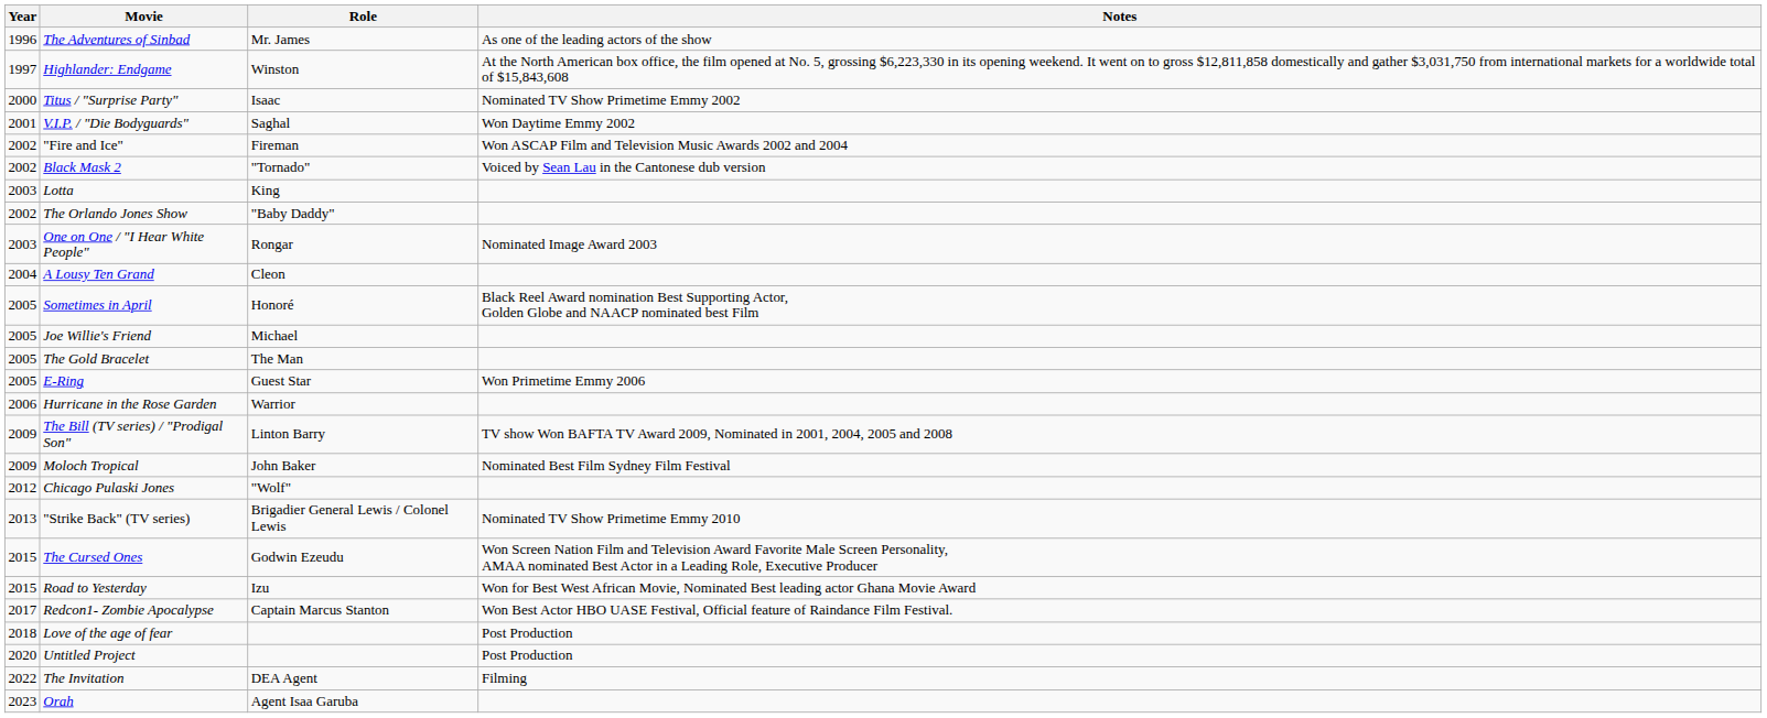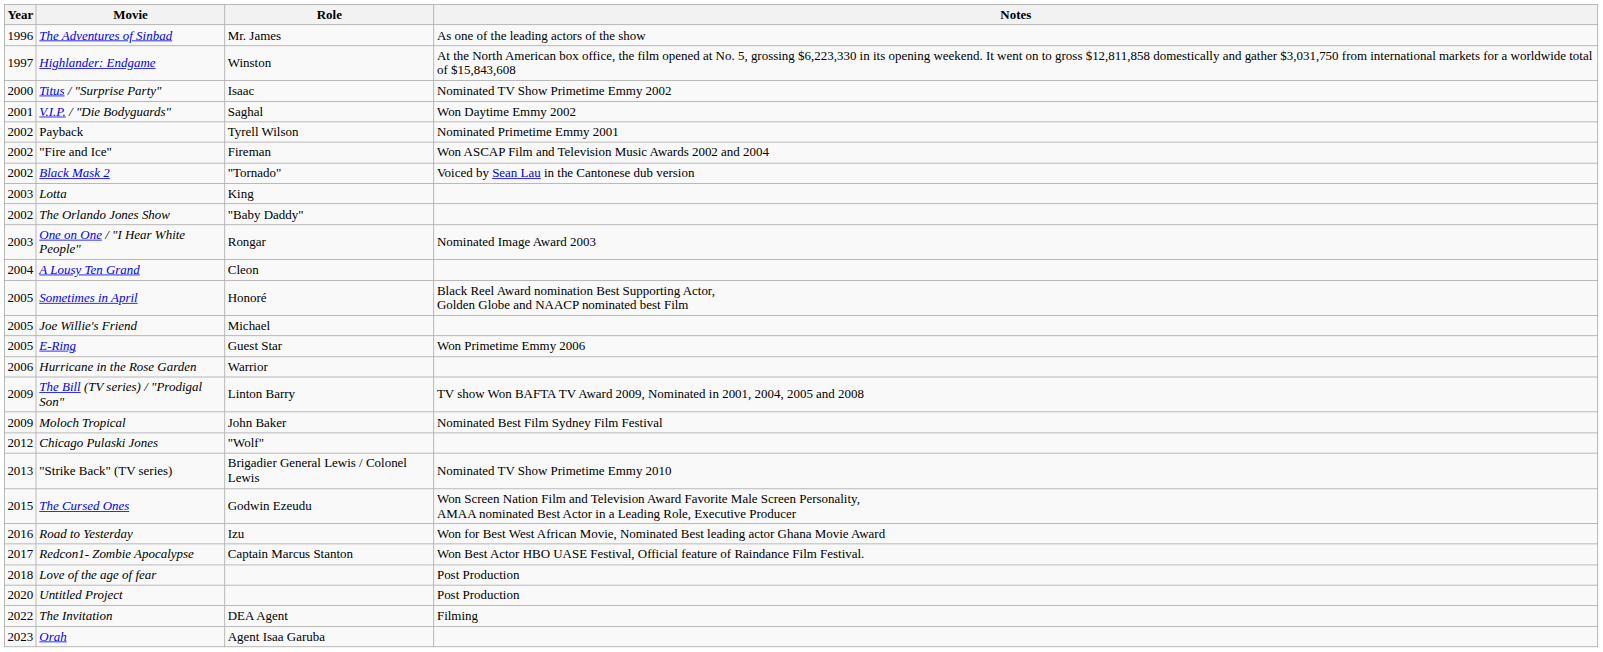 <table class="wikitable" |}>
 <tr>
 <th>Year</th>
 <th>Movie</th>
 <th>Role</th>
 <th>Notes</th>
 </tr>
 <tr>
 <td>1996</td>
 <td><em><a href='#'>The Adventures of Sinbad</a></em></td>
 <td>Mr. James</td>
 <td>As one of the leading actors of the show</td>
 </tr>
 <tr>
 <td>1997</td>
 <td><em><a href='#'>Highlander: Endgame</a></em></td>
 <td>Winston</td>
 <td>At the North American box office, the film opened at No. 5, grossing $6,223,330 in its opening weekend. It went on to gross $12,811,858 domestically and gather $3,031,750 from international markets for a worldwide total of $15,843,608</td>
 </tr>
 <tr>
 <td>2000</td>
 <td><em><a href='#'>Titus</a> / "Surprise Party"</em></td>
 <td>Isaac</td>
 <td>Nominated TV Show Primetime Emmy 2002</td>
 </tr>
 <tr>
 <td>2001</td>
 <td><em><a href='#'>V.I.P.</a> / "Die Bodyguards"</em></td>
 <td>Saghal</td>
 <td>Won Daytime Emmy 2002</td>
+</tr>
+<tr>
+<td>2002</td>
+<td>Payback<em></td>
+<td>Tyrell Wilson</td>
+<td>Nominated Primetime Emmy 2001</td>
 </tr>
 <tr>
 <td>2002</td>
 <td>"Fire and Ice"</em></td>
 <td>Fireman</td>
 <td>Won ASCAP Film and Television Music Awards 2002 and 2004</td>
 </tr>
 <tr>
 <td>2002</td>
 <td><em><a href='#'>Black Mask 2</a></em></td>
 <td>"Tornado"</td>
 <td>Voiced by <a href='#'>Sean Lau</a> in the Cantonese dub version</td>
 </tr>
 <tr>
 <td>2003</td>
 <td><em>Lotta</em></td>
 <td>King</td>
 <td></td>
 </tr>
 <tr>
 <td>2002</td>
 <td><em>The Orlando Jones Show</em></td>
 <td>"Baby Daddy"</td>
 <td></td>
 </tr>
 <tr>
 <td>2003</td>
 <td><em><a href='#'>One on One</a> / "I Hear White People"</em></td>
 <td>Rongar</td>
 <td>Nominated Image Award 2003</td>
 </tr>
 <tr>
 <td>2004</td>
 <td><em><a href='#'>A Lousy Ten Grand</a></em></td>
 <td>Cleon</td>
 <td></td>
 </tr>
 <tr>
 <td>2005</td>
 <td><em><a href='#'>Sometimes in April</a></em></td>
 <td>Honoré</td>
 <td>Black Reel Award nomination Best Supporting Actor,<br>Golden Globe and NAACP nominated best Film</td>
 </tr>
 <tr>
 <td>2005</td>
 <td><em>Joe Willie's Friend</em></td>
 <td>Michael</td>
 <td></td>
 </tr>
 <tr>
 <td>2005</td>
-<td><em>The Gold Bracelet</em></td>
-<td>The Man</td>
-<td></td>
-</tr>
-<tr>
-<td>2005</td>
 <td><em><a href='#'>E-Ring</a></em></td>
 <td>Guest Star</td>
 <td>Won Primetime Emmy 2006</td>
 </tr>
 <tr>
 <td>2006</td>
 <td><em>Hurricane in the Rose Garden</em></td>
 <td>Warrior</td>
 </tr>
 <tr>
 <td>2009</td>
 <td><em><a href='#'>The Bill</a> (TV series) / "Prodigal Son"</em></td>
 <td>Linton Barry</td>
 <td>TV show Won BAFTA TV Award 2009, Nominated in 2001, 2004, 2005 and 2008</td>
 </tr>
 <tr>
 <td>2009</td>
 <td><em>Moloch Tropical</em></td>
 <td>John Baker</td>
 <td>Nominated Best Film Sydney Film Festival</td>
 </tr>
 <tr>
 <td>2012</td>
 <td><em>Chicago Pulaski Jones</em></td>
 <td>"Wolf"</td>
 <td></td>
 </tr>
 <tr>
 <td>2013</td>
 <td>"Strike Back" (TV series)</td>
 <td>Brigadier General Lewis / Colonel Lewis</td>
 <td>Nominated TV Show Primetime Emmy 2010</td>
 </tr>
 <tr>
 <td>2015</td>
 <td><em><a href='#'>The Cursed Ones</a></em></td>
 <td>Godwin Ezeudu</td>
 <td>Won Screen Nation Film and Television Award Favorite Male Screen Personality,<br>AMAA nominated Best Actor in a Leading Role,  Executive Producer</td>
 </tr>
 <tr>
-<td>2015</td>
+<td>2016</td>
 <td><em>Road to Yesterday</em></td>
 <td>Izu</td>
 <td>Won for Best West African Movie, Nominated Best leading actor Ghana Movie Award</td>
 </tr>
 <tr>
 <td>2017</td>
 <td><em>Redcon1- Zombie Apocalypse</em></td>
 <td>Captain Marcus Stanton</td>
 <td>Won Best Actor HBO UASE Festival, Official feature of Raindance Film Festival. </td>
 </tr>
 <tr>
 <td>2018</td>
 <td><em>Love of the age of fear</em></td>
 <td></td>
 <td>Post Production</td>
 </tr>
 <tr>
 <td>2020</td>
 <td><em>Untitled Project</em></td>
 <td></td>
 <td>Post Production</td>
 </tr>
 <tr>
 <td>2022</td>
 <td><em>The Invitation</em></td>
 <td>DEA Agent</td>
 <td>Filming</td>
 </tr>
 <tr>
 <td>2023</td>
 <td><em><a href='#'>Orah</a></em></td>
 <td>Agent Isaa Garuba</td>
 <td></td>
 </tr>
 </table>
